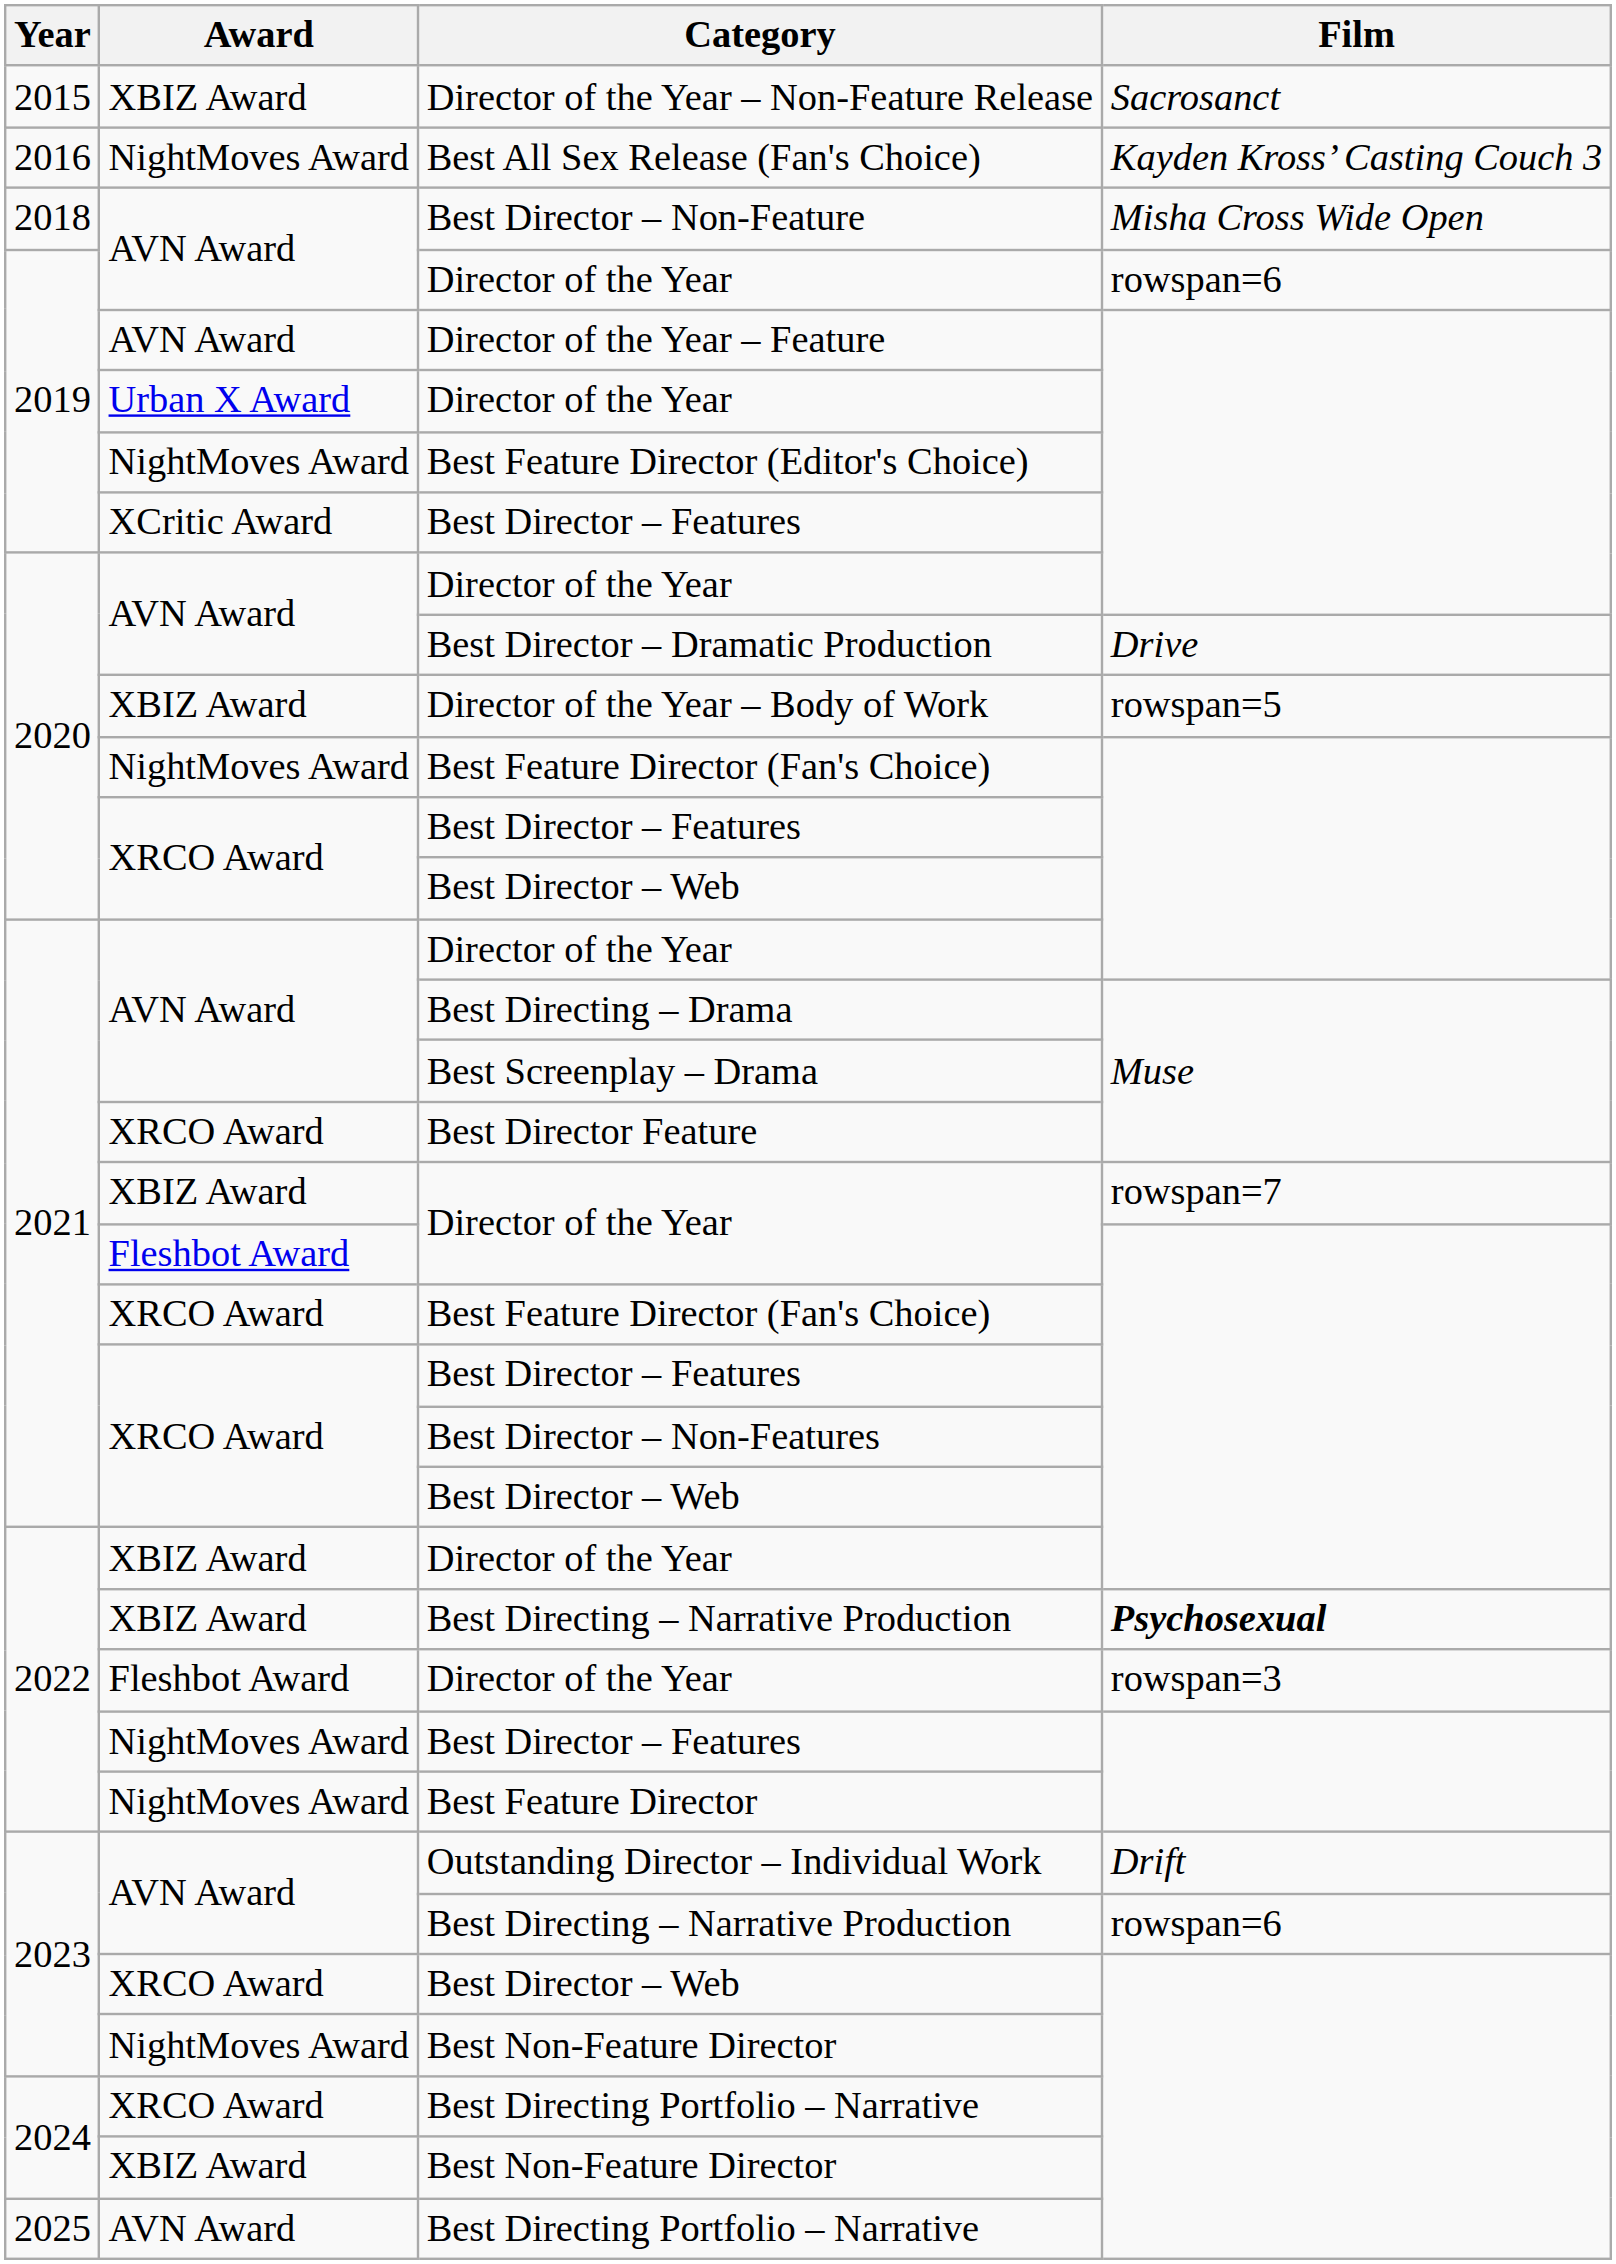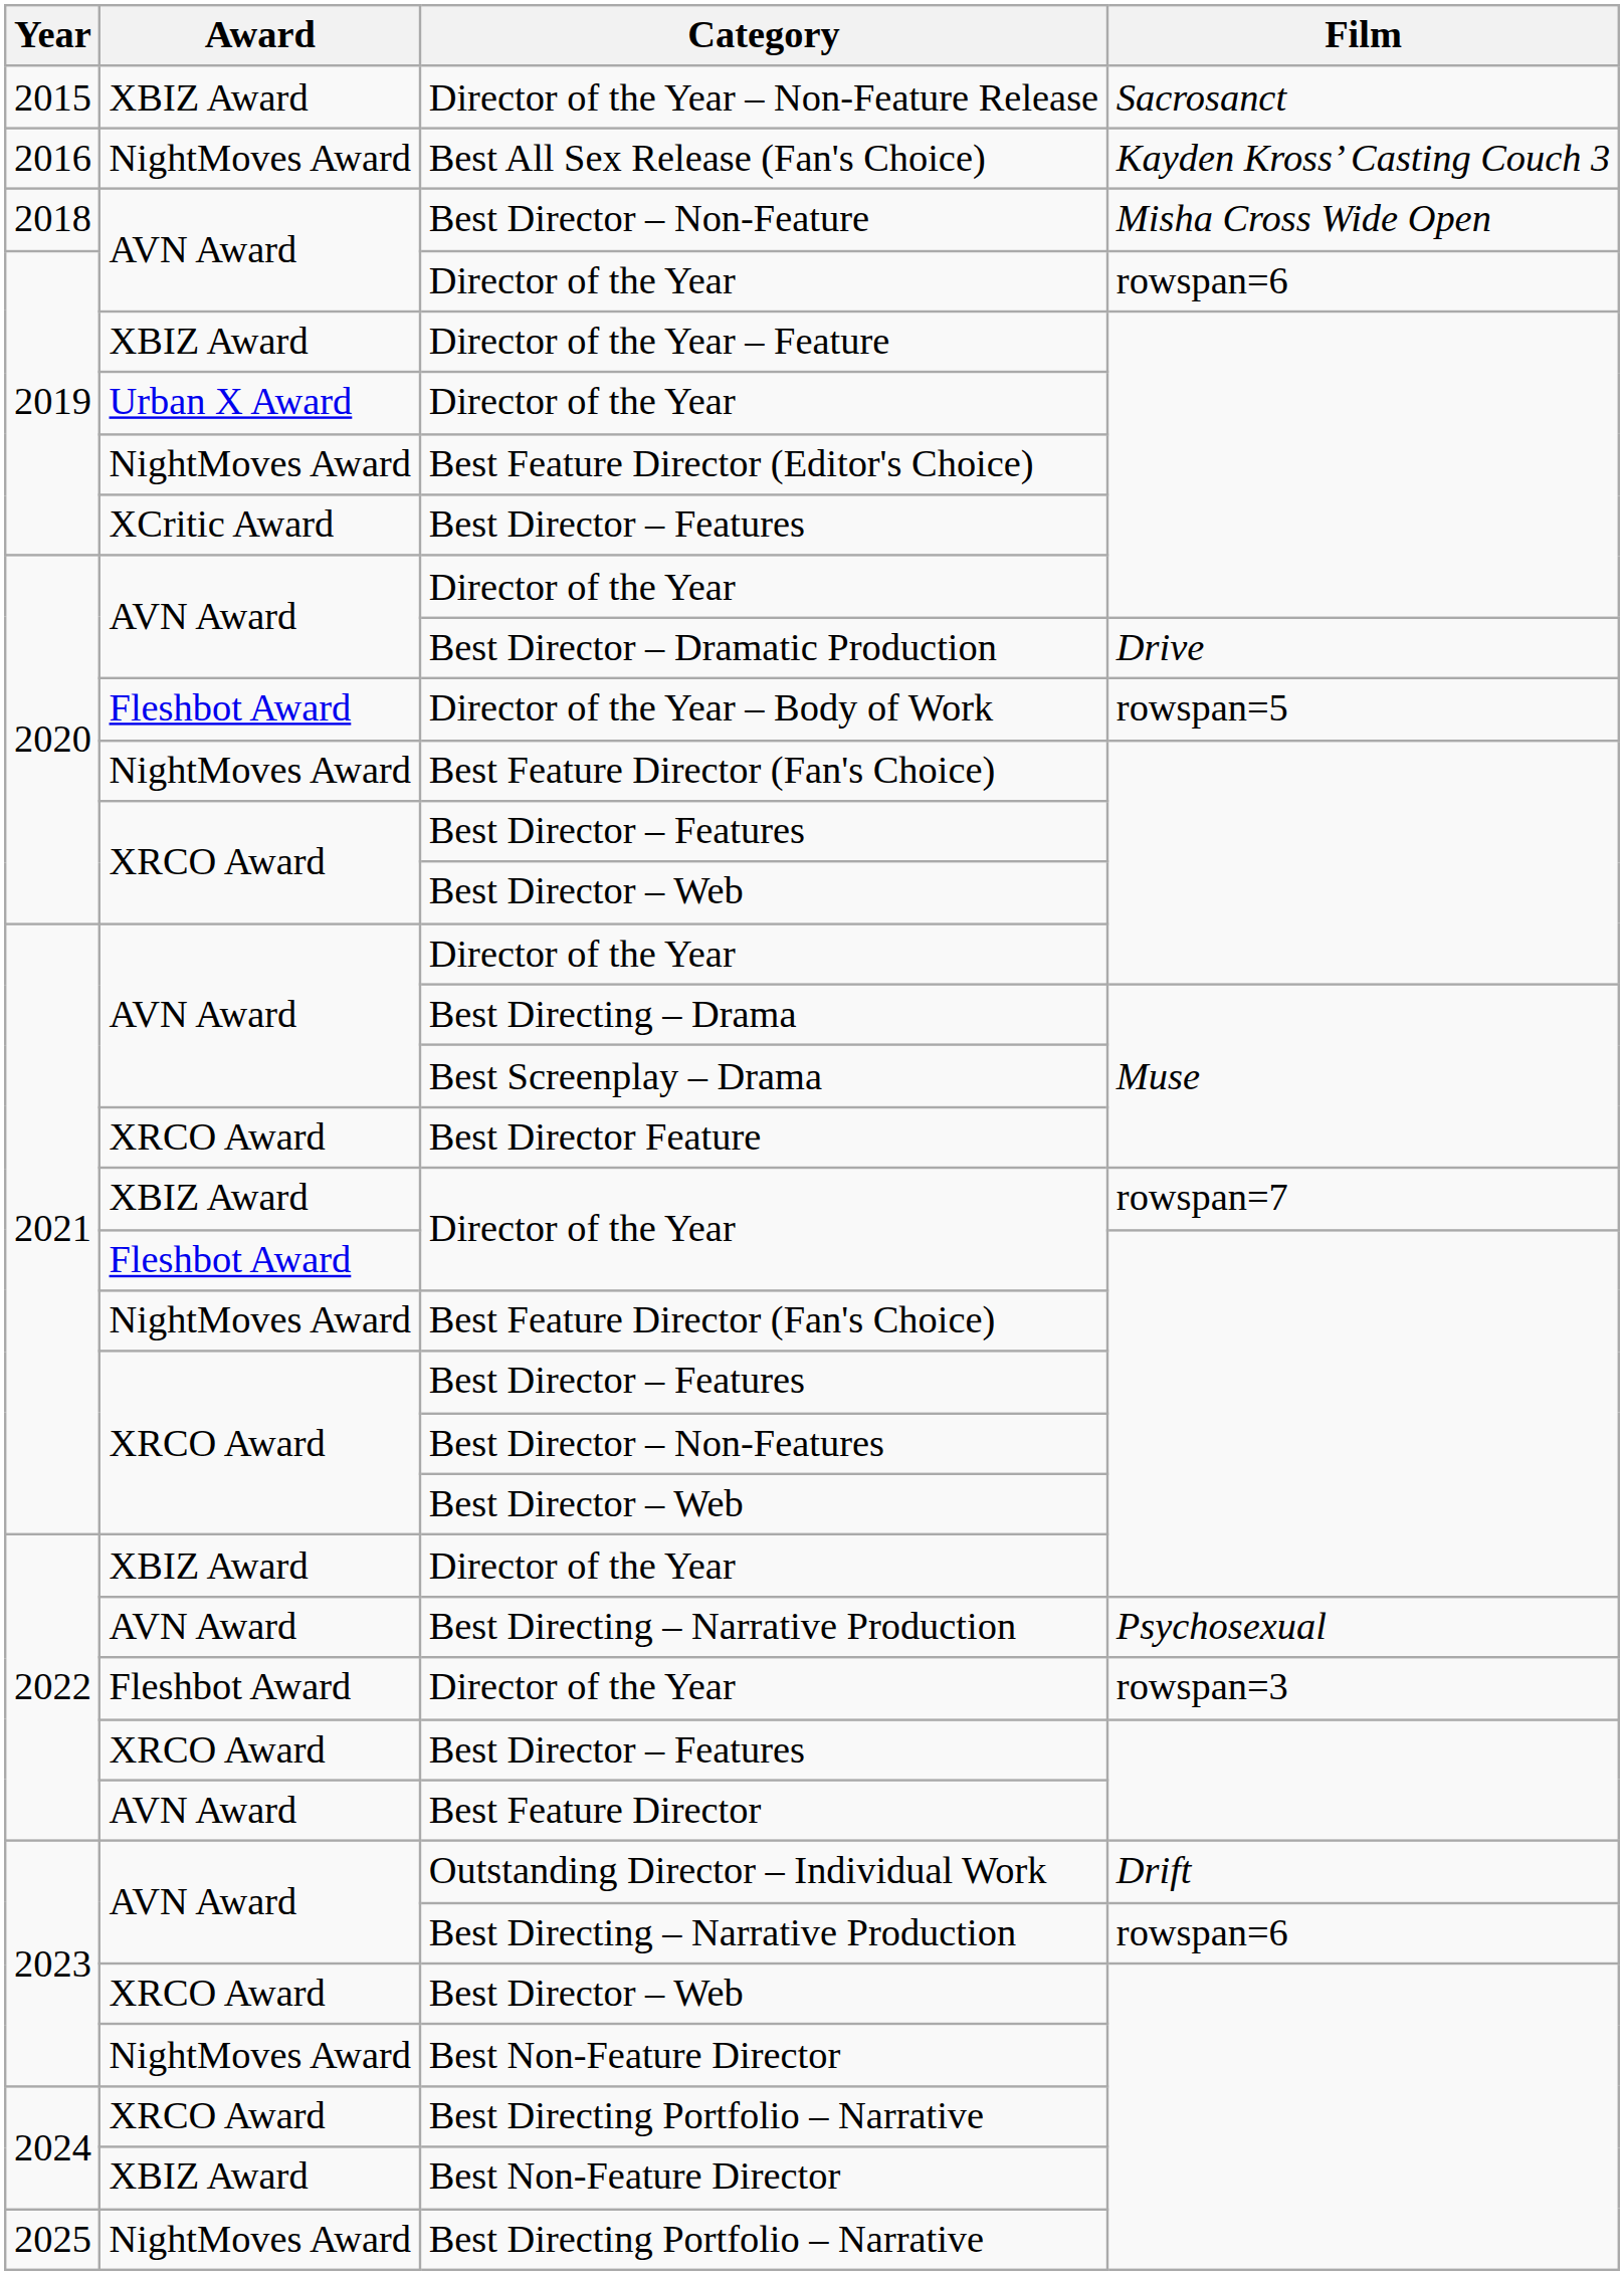 <table class="wikitable">
 <tr>
 <th>Year</th>
 <th>Award</th>
 <th>Category</th>
 <th>Film</th>
 </tr>
 <tr>
 <td>2015</td>
 <td>XBIZ Award</td>
 <td>Director of the Year – Non-Feature Release</td>
 <td><em>Sacrosanct</em></td>
 </tr>
 <tr>
 <td>2016</td>
 <td>NightMoves Award</td>
 <td>Best All Sex Release (Fan's Choice)</td>
 <td><em>Kayden Kross’ Casting Couch 3</em></td>
 </tr>
 <tr>
 <td>2018</td>
 <td rowspan=2>AVN Award</td>
 <td>Best Director – Non-Feature</td>
 <td><em>Misha Cross Wide Open</em></td>
 </tr>
 <tr>
 <td rowspan=5>2019</td>
 <td>Director of the Year</td>
 <td>rowspan=6 </td>
 </tr>
 <tr>
-<td>AVN Award</td>
+<td>XBIZ Award</td>
 <td>Director of the Year – Feature</td>
 </tr>
 <tr>
 <td><a href='#'>Urban X Award</a></td>
 <td>Director of the Year</td>
 </tr>
 <tr>
 <td>NightMoves Award</td>
 <td>Best Feature Director (Editor's Choice)</td>
 </tr>
 <tr>
 <td>XCritic Award</td>
 <td>Best Director – Features</td>
 </tr>
 <tr>
 <td rowspan=6>2020</td>
 <td rowspan=2>AVN Award</td>
 <td>Director of the Year</td>
 </tr>
 <tr>
 <td>Best Director – Dramatic Production</td>
 <td><em>Drive</em></td>
 </tr>
 <tr>
-<td>XBIZ Award</td>
+<td><a href='#'>Fleshbot Award</a></td>
 <td>Director of the Year – Body of Work</td>
 <td>rowspan=5 </td>
 </tr>
 <tr>
 <td>NightMoves Award</td>
 <td>Best Feature Director (Fan's Choice)</td>
 </tr>
 <tr>
 <td rowspan=2>XRCO Award</td>
 <td>Best Director – Features</td>
 </tr>
 <tr>
 <td>Best Director – Web</td>
 </tr>
 <tr>
 <td rowspan=10>2021</td>
 <td rowspan=3>AVN Award</td>
 <td>Director of the Year</td>
 </tr>
 <tr>
 <td>Best Directing – Drama</td>
 <td rowspan=3><em>Muse</em></td>
 </tr>
 <tr>
 <td>Best Screenplay – Drama</td>
 </tr>
 <tr>
 <td>XRCO Award</td>
 <td>Best Director Feature</td>
 </tr>
 <tr>
 <td>XBIZ Award</td>
 <td rowspan=2>Director of the Year</td>
 <td>rowspan=7 </td>
 </tr>
 <tr>
 <td><a href='#'>Fleshbot Award</a></td>
 </tr>
 <tr>
-<td>XRCO Award</td>
+<td>NightMoves Award</td>
 <td>Best Feature Director (Fan's Choice)</td>
 </tr>
 <tr>
 <td rowspan=3>XRCO Award</td>
 <td>Best Director – Features</td>
 </tr>
 <tr>
 <td>Best Director – Non-Features</td>
 </tr>
 <tr>
 <td>Best Director – Web</td>
 </tr>
 <tr>
 <td rowspan=5>2022</td>
 <td>XBIZ Award</td>
 <td>Director of the Year</td>
 </tr>
 <tr>
-<td>XBIZ Award</td>
+<td>AVN Award</td>
 <td>Best Directing – Narrative Production</td>
-<td><strong><em>Psychosexual</em></strong></td>
+<td><em>Psychosexual</em></td>
 </tr>
 <tr>
 <td>Fleshbot Award</td>
 <td>Director of the Year</td>
 <td>rowspan=3 </td>
 </tr>
 <tr>
-<td>NightMoves Award</td>
+<td>XRCO Award</td>
 <td>Best Director – Features</td>
 </tr>
 <tr>
-<td>NightMoves Award</td>
+<td>AVN Award</td>
 <td>Best Feature Director</td>
 </tr>
 <tr>
 <td rowspan=4>2023</td>
 <td rowspan=2>AVN Award</td>
 <td>Outstanding Director – Individual Work</td>
 <td><em>Drift</em></td>
 </tr>
 <tr>
 <td>Best Directing – Narrative Production</td>
 <td>rowspan=6 </td>
 </tr>
 <tr>
 <td>XRCO Award</td>
 <td>Best Director – Web</td>
 </tr>
 <tr>
 <td>NightMoves Award</td>
 <td>Best Non-Feature Director</td>
 </tr>
 <tr>
 <td rowspan=2>2024</td>
 <td>XRCO Award</td>
 <td>Best Directing Portfolio – Narrative</td>
 </tr>
 <tr>
 <td>XBIZ Award</td>
 <td>Best Non-Feature Director</td>
 </tr>
 <tr>
 <td>2025</td>
-<td>AVN Award</td>
+<td>NightMoves Award</td>
 <td>Best Directing Portfolio – Narrative</td>
 </tr>
 </table>
